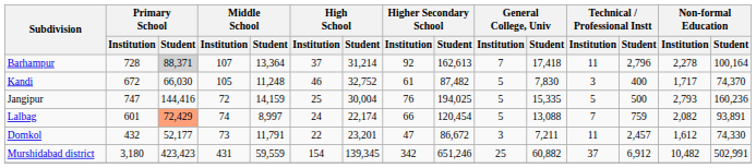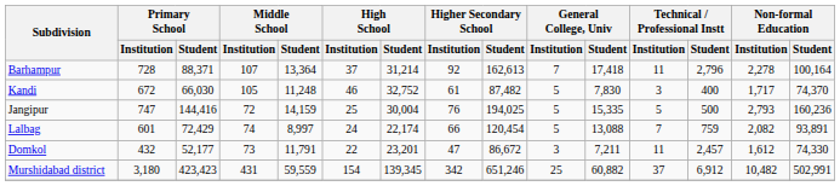 <table class="wikitable" style="text-align:center;font-size: 9pt">
 <tr>
 <th width="110" rowspan="2">Subdivision</th>
 <th colspan="2">Primary<br>School</th>
 <th colspan="2">Middle<br>School</th>
 <th colspan="2">High<br>School</th>
 <th colspan="2">Higher Secondary<br>School</th>
 <th colspan="2">General<br>College, Univ</th>
 <th colspan="2">Technical /<br>Professional Instt</th>
 <th colspan="2">Non-formal<br>Education</th>
 </tr>
 <tr>
 <th width="30">Institution</th>
 <th width="30">Student</th>
 <th width="30">Institution</th>
 <th width="30">Student</th>
 <th width="30">Institution</th>
 <th width="30">Student</th>
 <th width="30">Institution</th>
 <th width="30">Student</th>
 <th width="30">Institution</th>
 <th width="30">Student</th>
 <th width="30">Institution</th>
 <th width="30">Student</th>
 <th width="30">Institution</th>
 <th width="30">Student<br></th>
 </tr>
 <tr>
 <td align=left><a href='#'>Barhampur</a></td>
 <td align="center">728</td>
-<td align="center" style="background: lightgrey;">88,371</td>
+<td align="center">88,371</td>
 <td align="center">107</td>
 <td align="center">13,364</td>
 <td align="center">37</td>
 <td align="center">31,214</td>
 <td align="center">92</td>
 <td align="center">162,613</td>
 <td align="center">7</td>
 <td align="center">17,418</td>
 <td align="center">11</td>
 <td align="center">2,796</td>
 <td align="center">2,278</td>
 <td align="center">100,164</td>
 </tr>
 <tr>
 <td align=left><a href='#'>Kandi</a></td>
 <td align="center">672</td>
 <td align="center">66,030</td>
 <td align="center">105</td>
 <td align="center">11,248</td>
 <td align="center">46</td>
 <td align="center">32,752</td>
 <td align="center">61</td>
 <td align="center">87,482</td>
 <td align="center">5</td>
 <td align="center">7,830</td>
 <td align="center">3</td>
 <td align="center">400</td>
 <td align="center">1,717</td>
 <td align="center">74,370</td>
 </tr>
 <tr>
 <td align=left>Jangipur</td>
 <td align="center">747</td>
 <td align="center">144,416</td>
 <td align="center">72</td>
 <td align="center">14,159</td>
 <td align="center">25</td>
 <td align="center">30,004</td>
 <td align="center">76</td>
 <td align="center">194,025</td>
 <td align="center">5</td>
 <td align="center">15,335</td>
 <td align="center">5</td>
 <td align="center">500</td>
 <td align="center">2,793</td>
 <td align="center">160,236</td>
 </tr>
 <tr>
 <td align=left><a href='#'>Lalbag</a></td>
 <td align="center">601</td>
-<td align="center" style="background: lightsalmon;">72,429</td>
+<td align="center">72,429</td>
 <td align="center">74</td>
 <td align="center">8,997</td>
 <td align="center">24</td>
 <td align="center">22,174</td>
 <td align="center">66</td>
 <td align="center">120,454</td>
 <td align="center">5</td>
 <td align="center">13,088</td>
 <td align="center">7</td>
 <td align="center">759</td>
 <td align="center">2,082</td>
 <td align="center">93,891</td>
 </tr>
 <tr>
 <td align=left><a href='#'>Domkol</a></td>
 <td align="center">432</td>
 <td align="center">52,177</td>
 <td align="center">73</td>
 <td align="center">11,791</td>
 <td align="center">22</td>
 <td align="center">23,201</td>
 <td align="center">47</td>
 <td align="center">86,672</td>
 <td align="center">3</td>
 <td align="center">7,211</td>
 <td align="center">11</td>
 <td align="center">2,457</td>
 <td align="center">1,612</td>
 <td align="center">74,330</td>
 </tr>
 <tr>
 <td align=left><a href='#'>Murshidabad district</a></td>
 <td align="center">3,180</td>
 <td align="center">423,423</td>
 <td align="center">431</td>
 <td align="center">59,559</td>
 <td align="center">154</td>
 <td align="center">139,345</td>
 <td align="center">342</td>
 <td align="center">651,246</td>
 <td align="center">25</td>
 <td align="center">60,882</td>
 <td align="center">37</td>
 <td align="center">6,912</td>
 <td align="center">10,482</td>
 <td align="center">502,991</td>
 </tr>
 <tr>
 </tr>
 </table>
